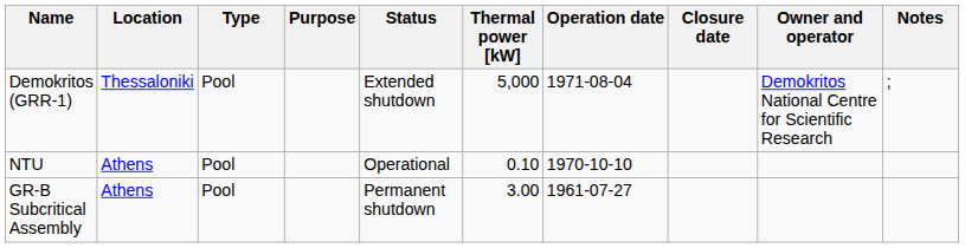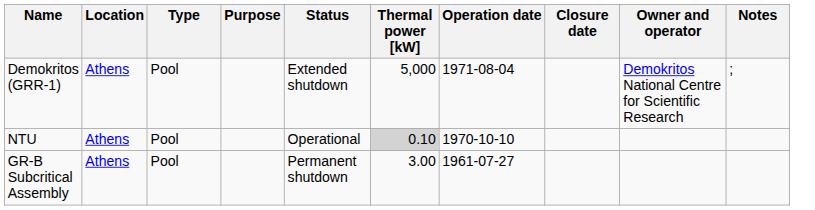 <table class="wikitable" >
 <tr valign="top">
 <th width="80">Name</th>
 <th width="65">Location</th>
 <th width="76">Type</th>
 <th width="65">Purpose</th>
 <th width="91">Status</th>
 <th width="70“">Thermal power [kW]</th>
 <th width=„67“>Operation date</th>
 <th width="78“">Closure date</th>
 <th width="113“">Owner and operator</th>
 <th width="65">Notes</th>
 </tr>
 <tr valign="top">
 <td>Demokritos (GRR-1)</td>
-<td><a href='#'>Thessaloniki</a></td>
+<td><a href='#'>Athens</a></td>
 <td>Pool</td>
 <td></td>
 <td>Extended shutdown</td>
 <td align="right">5,000</td>
 <td>1971-08-04</td>
 <td></td>
 <td><a href='#'>Demokritos</a> National Centre for Scientific Research</td>
 <td>;</td>
 </tr>
 <tr valign="top">
 <td>NTU</td>
 <td><a href='#'>Athens</a></td>
 <td>Pool</td>
 <td></td>
 <td>Operational</td>
-<td align="right">0.10</td>
+<td align="right" style="background: lightgrey;">0.10</td>
 <td>1970-10-10</td>
 <td></td>
 <td></td>
 <td></td>
 </tr>
 <tr valign="top">
 <td>GR-B Subcritical Assembly</td>
 <td><a href='#'>Athens</a></td>
 <td>Pool</td>
 <td></td>
 <td>Permanent shutdown</td>
 <td align="right">3.00</td>
 <td>1961-07-27</td>
 <td></td>
 <td></td>
 <td></td>
 </tr>
 </table>
